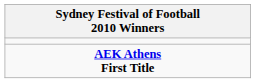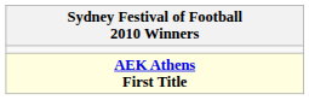 <table class="wikitable" style="text-align: center; margin: 0 auto; width: 20%">
 <tr>
 <th>Sydney Festival of Football<br>2010 Winners</th>
 </tr>
 <tr>
 <td></td>
 </tr>
 <tr>
-<td><strong><a href='#'>AEK Athens</a></strong><br><strong>First Title</strong></td>
+<td style="background: lightyellow;"><strong><a href='#'>AEK Athens</a></strong><br><strong>First Title</strong></td>
 </tr>
 </table>
